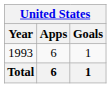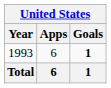 <table class="wikitable" style="text-align:center">
 <tr>
 <th colspan=3><a href='#'>United States</a></th>
 </tr>
 <tr>
 <th>Year</th>
 <th>Apps</th>
 <th>Goals</th>
 </tr>
 <tr>
 <td>1993</td>
 <td>6</td>
-<td>1</td>
+<td><strong>1</strong></td>
 </tr>
 <tr>
 <th>Total</th>
 <th>6</th>
 <th>1</th>
 </tr>
 </table>
